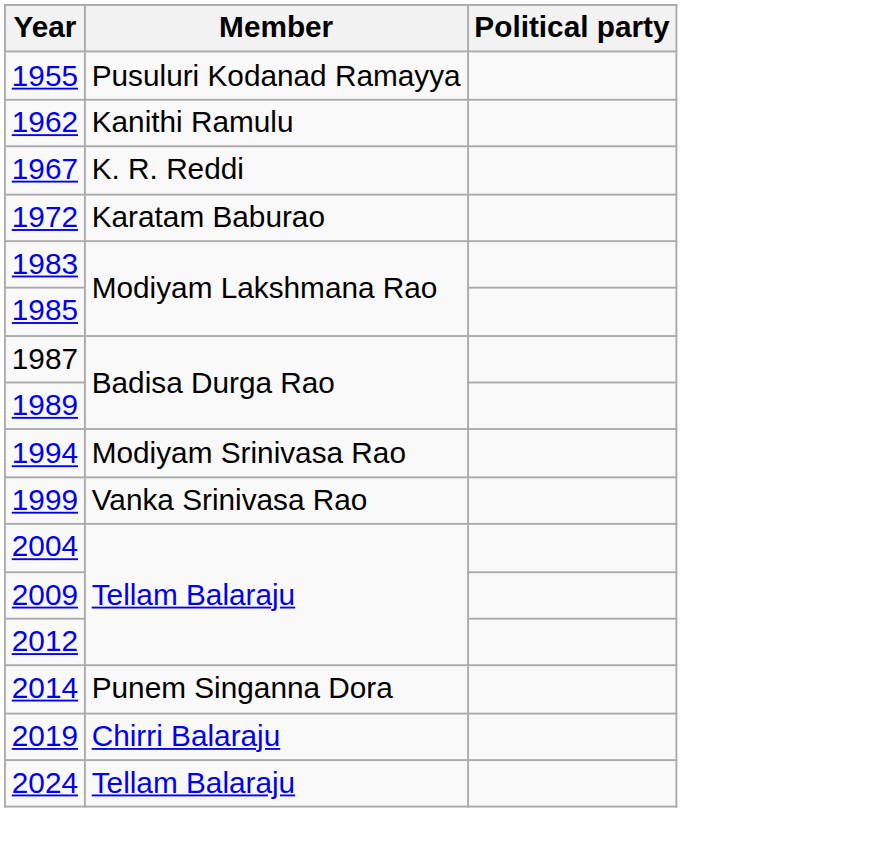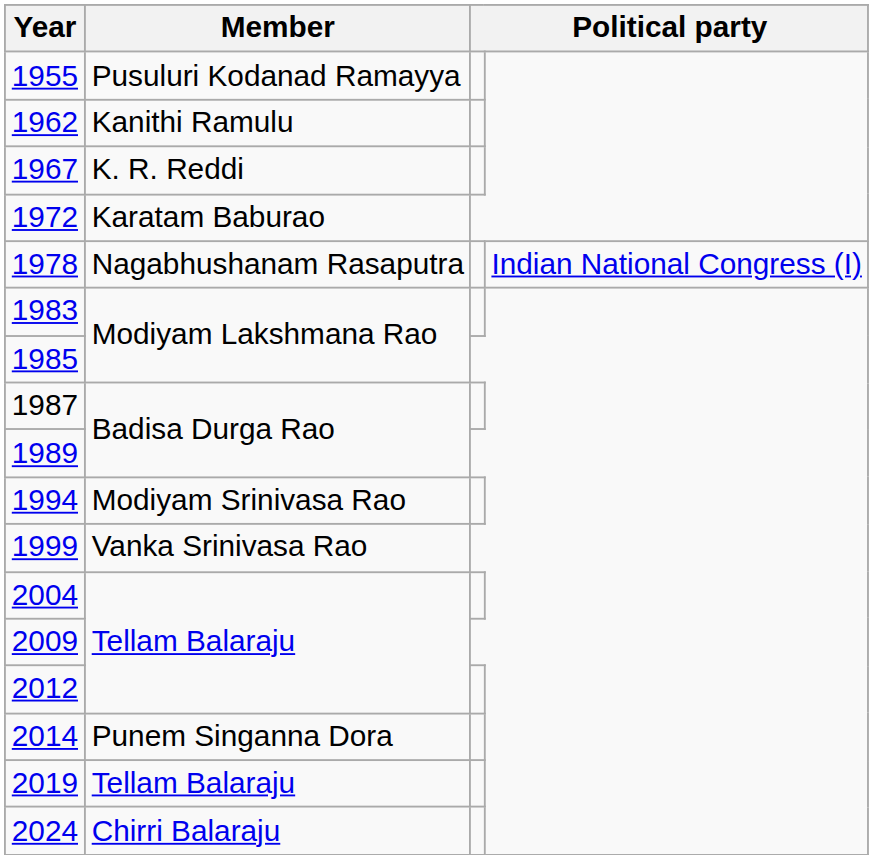 <table class="wikitable sortable">
 <tr>
 <th>Year</th>
 <th>Member</th>
 <th colspan="2">Political party</th>
 </tr>
 <tr>
 <td><a href='#'>1955</a></td>
 <td>Pusuluri Kodanad Ramayya</td>
 <td></td>
 </tr>
 <tr>
 <td><a href='#'>1962</a></td>
 <td>Kanithi Ramulu</td>
 <td></td>
 </tr>
 <tr>
 <td><a href='#'>1967</a></td>
 <td>K. R. Reddi</td>
 <td></td>
 </tr>
 <tr>
 <td><a href='#'>1972</a></td>
 <td>Karatam Baburao</td>
+</tr>
+<tr>
+<td><a href='#'>1978</a></td>
+<td>Nagabhushanam Rasaputra</td>
+<td style="background-color: "></td>
+<td><a href='#'>Indian National Congress (I)</a></td>
 </tr>
 <tr>
 <td><a href='#'>1983</a></td>
 <td rowspan=2>Modiyam Lakshmana Rao</td>
 <td></td>
 </tr>
 <tr>
 <td><a href='#'>1985</a></td>
 </tr>
 <tr>
 <td>1987</td>
 <td rowspan=2>Badisa Durga Rao</td>
 <td></td>
 </tr>
 <tr>
 <td><a href='#'>1989</a></td>
 </tr>
 <tr>
 <td><a href='#'>1994</a></td>
 <td>Modiyam Srinivasa Rao</td>
 <td></td>
 </tr>
 <tr>
 <td><a href='#'>1999</a></td>
 <td>Vanka Srinivasa Rao</td>
 </tr>
 <tr>
 <td><a href='#'>2004</a></td>
 <td rowspan=3><a href='#'>Tellam Balaraju</a></td>
 <td></td>
 </tr>
 <tr>
 <td><a href='#'>2009</a></td>
 </tr>
 <tr>
 <td><a href='#'>2012</a></td>
 <td></td>
 </tr>
 <tr>
 <td><a href='#'>2014</a></td>
 <td>Punem Singanna Dora</td>
 <td></td>
 </tr>
 <tr>
 <td><a href='#'>2019</a></td>
-<td><a href='#'>Chirri Balaraju</a></td>
+<td><a href='#'>Tellam Balaraju</a></td>
 <td></td>
 </tr>
 <tr>
 <td><a href='#'>2024</a></td>
-<td><a href='#'>Tellam Balaraju</a></td>
+<td><a href='#'>Chirri Balaraju</a></td>
 <td></td>
 </tr>
 </table>
